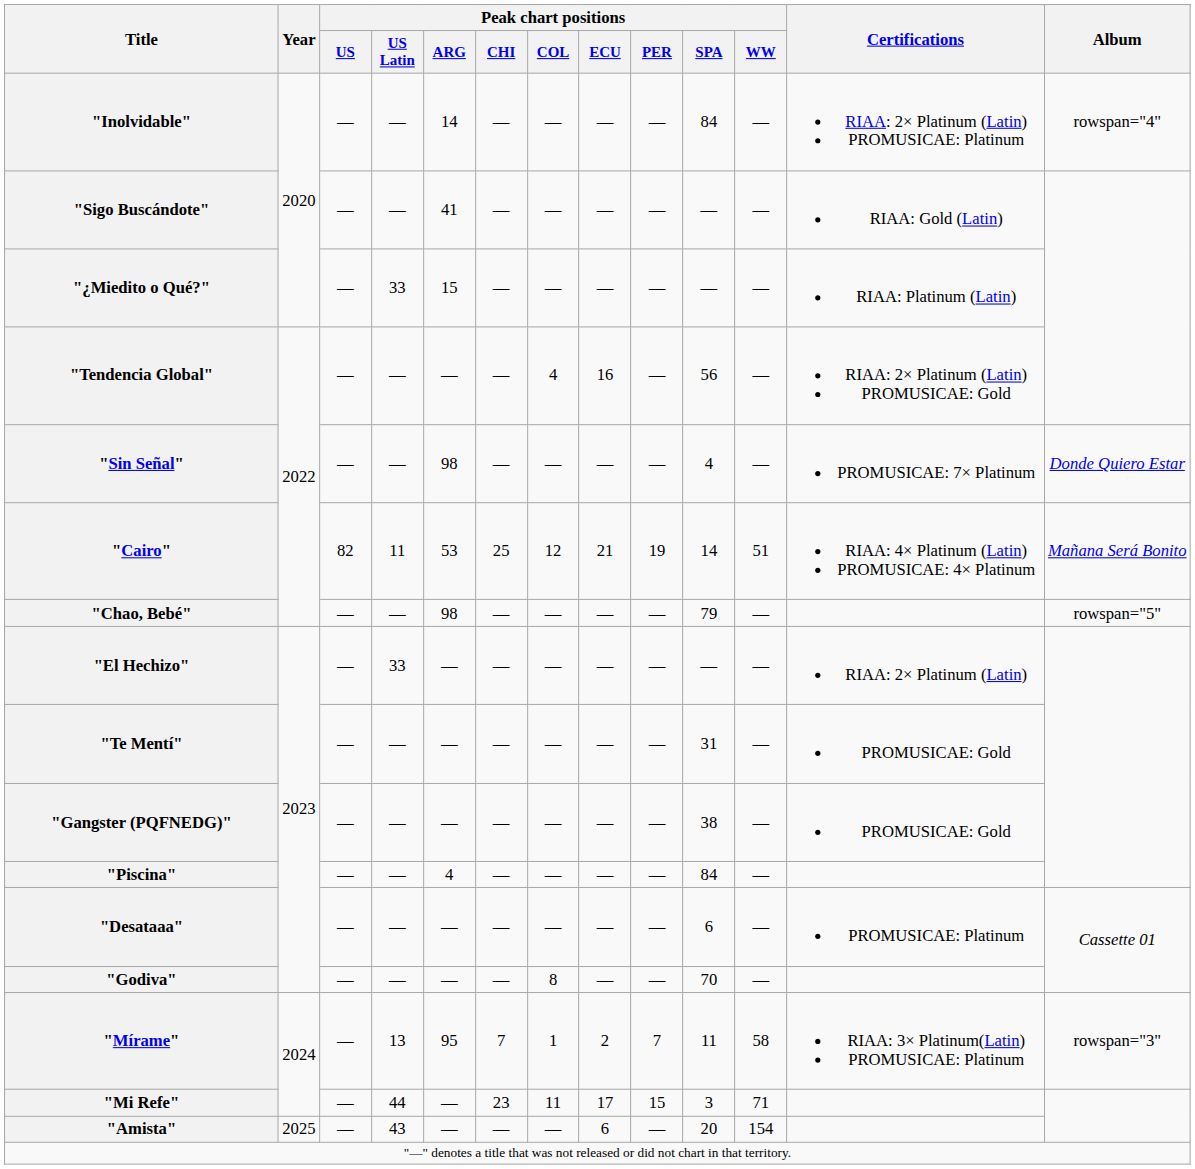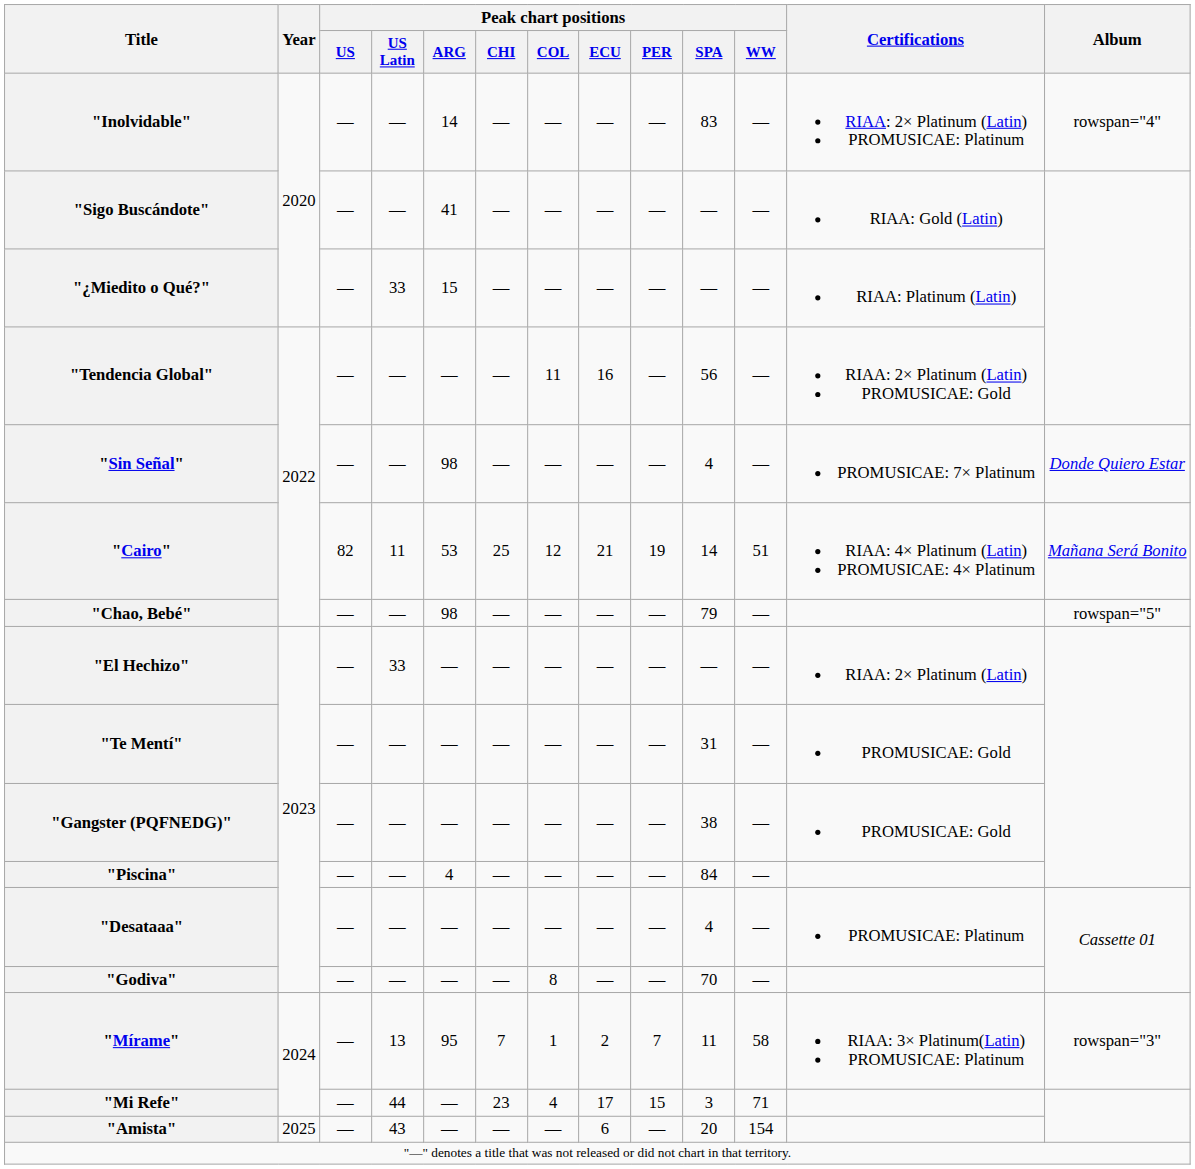 <table class="wikitable plainrowheaders" style="text-align:center;">
 <tr>
 <th scope="col" rowspan="2" style="width:16em;">Title</th>
 <th scope="col" rowspan="2">Year</th>
 <th scope="col" colspan="9">Peak chart positions</th>
 <th scope="col" rowspan="2" style="width:15em;"><a href='#'>Certifications</a></th>
 <th scope="col" rowspan="2">Album</th>
 </tr>
 <tr>
 <th scope="col" style="width:3em;font-size:90%;"><a href='#'>US</a><br></th>
 <th scope="col" style="width:3em;font-size:90%;"><a href='#'>US<br>Latin</a><br></th>
 <th scope="col" style="width:3em;font-size:90%;"><a href='#'>ARG</a><br></th>
 <th scope="col" style="width:3em;font-size:90%;"><a href='#'>CHI</a><br></th>
 <th scope="col" style="width:3em;font-size:90%;"><a href='#'>COL</a><br></th>
 <th scope="col" style="width:3em;font-size:90%;"><a href='#'>ECU</a><br></th>
 <th scope="col" style="width:3em;font-size:90%;"><a href='#'>PER</a><br></th>
 <th scope="col" style="width:3em;font-size:90%;"><a href='#'>SPA</a><br></th>
 <th scope="col" style="width:3em;font-size:90%;"><a href='#'>WW</a><br></th>
 </tr>
 <tr>
 <th scope="row">"Inolvidable"<br></th>
 <td rowspan="3">2020</td>
 <td>—</td>
 <td>—</td>
 <td>14</td>
 <td>—</td>
 <td>—</td>
 <td>—</td>
 <td>—</td>
-<td>84</td>
+<td>83</td>
 <td>—</td>
 <td><br><ul><li><a href='#'>RIAA</a>: 2× Platinum <span>(<a href='#'>Latin</a>)</span></li><li>PROMUSICAE: Platinum</li></ul></td>
 <td>rowspan="4" </td>
 </tr>
 <tr>
 <th scope="row">"Sigo Buscándote"<br></th>
 <td>—</td>
 <td>—</td>
 <td>41</td>
 <td>—</td>
 <td>—</td>
 <td>—</td>
 <td>—</td>
 <td>—</td>
 <td>—</td>
 <td><br><ul><li>RIAA: Gold <span>(<a href='#'>Latin</a>)</span></li></ul></td>
 </tr>
 <tr>
 <th scope="row">"¿Miedito o Qué?"<br></th>
 <td>—</td>
 <td>33</td>
 <td>15</td>
 <td>—</td>
 <td>—</td>
 <td>—</td>
 <td>—</td>
 <td>—</td>
 <td>—</td>
 <td><br><ul><li>RIAA: Platinum <span>(<a href='#'>Latin</a>)</span></li></ul></td>
 </tr>
 <tr>
 <th scope="row">"Tendencia Global"<br></th>
 <td rowspan="4">2022</td>
 <td>—</td>
 <td>—</td>
 <td>—</td>
 <td>—</td>
-<td>4</td>
+<td>11</td>
 <td>16</td>
 <td>—</td>
 <td>56</td>
 <td>—</td>
 <td><br><ul><li>RIAA: 2× Platinum <span>(<a href='#'>Latin</a>)</span></li><li>PROMUSICAE: Gold</li></ul></td>
 </tr>
 <tr>
 <th scope="row">"<a href='#'>Sin Señal</a>"<br></th>
 <td>—</td>
 <td>—</td>
 <td>98</td>
 <td>—</td>
 <td>—</td>
 <td>—</td>
 <td>—</td>
 <td>4</td>
 <td>—</td>
 <td><br><ul><li>PROMUSICAE: 7× Platinum</li></ul></td>
 <td><em><a href='#'>Donde Quiero Estar</a></em></td>
 </tr>
 <tr>
 <th scope="row">"<a href='#'>Cairo</a>"<br></th>
 <td>82</td>
 <td>11</td>
 <td>53</td>
 <td>25</td>
 <td>12</td>
 <td>21</td>
 <td>19</td>
 <td>14</td>
 <td>51</td>
 <td><br><ul><li>RIAA: 4× Platinum <span>(<a href='#'>Latin</a>)</span></li><li>PROMUSICAE: 4× Platinum</li></ul></td>
 <td><em><a href='#'>Mañana Será Bonito</a></em></td>
 </tr>
 <tr>
 <th scope="row">"Chao, Bebé"<br></th>
 <td>—</td>
 <td>—</td>
 <td>98</td>
 <td>—</td>
 <td>—</td>
 <td>—</td>
 <td>—</td>
 <td>79</td>
 <td>—</td>
 <td></td>
 <td>rowspan="5" </td>
 </tr>
 <tr>
 <th scope="row">"El Hechizo"<br></th>
 <td rowspan="6">2023</td>
 <td>—</td>
 <td>33</td>
 <td>—</td>
 <td>—</td>
 <td>—</td>
 <td>—</td>
 <td>—</td>
 <td>—</td>
 <td>—</td>
 <td><br><ul><li>RIAA: 2× Platinum <span>(<a href='#'>Latin</a>)</span></li></ul></td>
 </tr>
 <tr>
 <th scope="row">"Te Mentí"<br></th>
 <td>—</td>
 <td>—</td>
 <td>—</td>
 <td>—</td>
 <td>—</td>
 <td>—</td>
 <td>—</td>
 <td>31</td>
 <td>—</td>
 <td><br><ul><li>PROMUSICAE: Gold</li></ul></td>
 </tr>
 <tr>
 <th scope="row">"Gangster (PQFNEDG)"<br></th>
 <td>—</td>
 <td>—</td>
 <td>—</td>
 <td>—</td>
 <td>—</td>
 <td>—</td>
 <td>—</td>
 <td>38</td>
 <td>—</td>
 <td><br><ul><li>PROMUSICAE: Gold</li></ul></td>
 </tr>
 <tr>
 <th scope="row">"Piscina"<br></th>
 <td>—</td>
 <td>—</td>
 <td>4</td>
 <td>—</td>
 <td>—</td>
 <td>—</td>
 <td>—</td>
 <td>84</td>
 <td>—</td>
 <td></td>
 </tr>
 <tr>
 <th scope="row">"Desataaa"<br></th>
 <td>—</td>
 <td>—</td>
 <td>—</td>
 <td>—</td>
 <td>—</td>
 <td>—</td>
 <td>—</td>
-<td>6</td>
+<td>4</td>
 <td>—</td>
 <td><br><ul><li>PROMUSICAE: Platinum</li></ul></td>
 <td rowspan="2"><em>Cassette 01</em></td>
 </tr>
 <tr>
 <th scope="row">"Godiva"<br></th>
 <td>—</td>
 <td>—</td>
 <td>—</td>
 <td>—</td>
 <td>8</td>
 <td>—</td>
 <td>—</td>
 <td>70</td>
 <td>—</td>
 <td></td>
 </tr>
 <tr>
 <th scope="row">"<a href='#'>Mírame</a>"<br></th>
 <td rowspan="2">2024</td>
 <td>—</td>
 <td>13</td>
 <td>95</td>
 <td>7</td>
 <td>1</td>
 <td>2</td>
 <td>7</td>
 <td>11</td>
 <td>58</td>
 <td><br><ul><li>RIAA: 3× Platinum<span>(<a href='#'>Latin</a>)</span></li><li>PROMUSICAE: Platinum</li></ul></td>
 <td>rowspan="3" </td>
 </tr>
 <tr>
 <th scope="row">"Mi Refe"<br></th>
 <td>—</td>
 <td>44</td>
 <td>—</td>
 <td>23</td>
-<td>11</td>
+<td>4</td>
 <td>17</td>
 <td>15</td>
 <td>3</td>
 <td>71</td>
 <td></td>
 </tr>
 <tr>
 <th scope="row">"Amista"<br></th>
 <td>2025</td>
 <td>—</td>
 <td>43</td>
 <td>—</td>
 <td>—</td>
 <td>—</td>
 <td>6</td>
 <td>—</td>
 <td>20</td>
 <td>154</td>
 <td></td>
 </tr>
 <tr>
 <td colspan="14" style="font-size:80%;">"—" denotes a title that was not released or did not chart in that territory.</td>
 </tr>
 </table>
